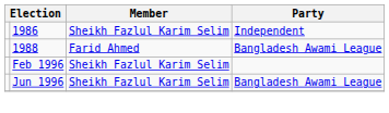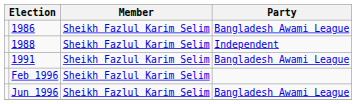 <table class="wikitable">
 <tr>
 <th colspan="2">Election</th>
 <th>Member</th>
 <th>Party</th>
 </tr>
 <tr>
 <td style="background-color:"></td>
 <td><a href='#'>1986</a></td>
 <td><a href='#'>Sheikh Fazlul Karim Selim</a></td>
+<td><a href='#'>Bangladesh Awami League</a></td>
+</tr>
+<tr>
+<td style="background-color:"></td>
+<td><a href='#'>1988</a></td>
+<td><a href='#'>Sheikh Fazlul Karim Selim</a></td>
 <td><a href='#'>Independent</a></td>
 </tr>
 <tr>
 <td style="background-color:"></td>
-<td><a href='#'>1988</a></td>
-<td><a href='#'>Farid Ahmed</a></td>
+<td><a href='#'>1991</a></td>
+<td><a href='#'>Sheikh Fazlul Karim Selim</a></td>
 <td><a href='#'>Bangladesh Awami League</a></td>
 </tr>
 <tr>
 <td></td>
 <td><a href='#'>Feb 1996</a></td>
 <td><a href='#'>Sheikh Fazlul Karim Selim</a></td>
 <td></td>
 </tr>
 <tr>
 <td style="background-color:"></td>
 <td><a href='#'>Jun 1996</a></td>
 <td><a href='#'>Sheikh Fazlul Karim Selim</a></td>
 <td><a href='#'>Bangladesh Awami League</a></td>
 </tr>
 <tr>
 </tr>
 </table>
